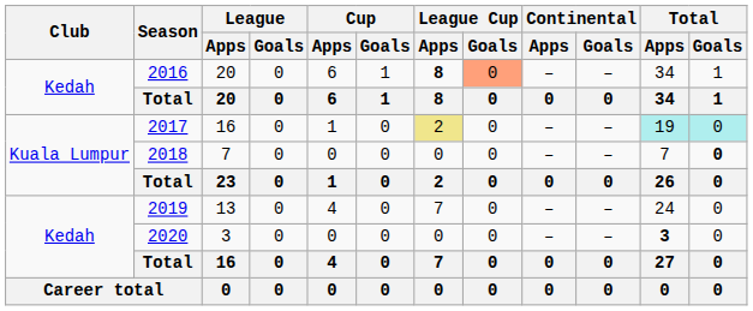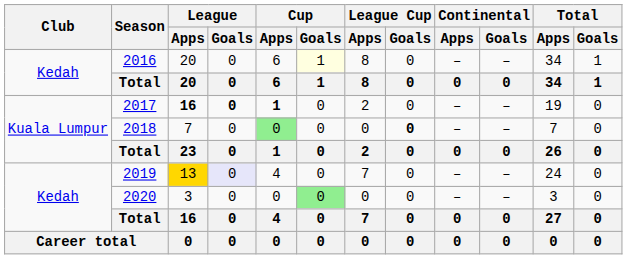 <table class="wikitable" style="text-align: center;">
 <tr>
 <th rowspan="2">Club</th>
 <th rowspan="2">Season</th>
 <th colspan="2">League</th>
 <th colspan="2">Cup</th>
 <th colspan="2">League Cup</th>
 <th colspan="2">Continental</th>
 <th colspan="2">Total</th>
 </tr>
 <tr>
 <th>Apps</th>
 <th>Goals</th>
 <th>Apps</th>
 <th>Goals</th>
 <th>Apps</th>
 <th>Goals</th>
 <th>Apps</th>
 <th>Goals</th>
 <th>Apps</th>
 <th>Goals</th>
 </tr>
 <tr>
 <td rowspan="2" valign="center"><a href='#'>Kedah</a></td>
 <td><a href='#'>2016</a></td>
 <td>20</td>
 <td>0</td>
 <td>6</td>
-<td>1</td>
-<td><strong>8</strong></td>
-<td style="background: lightsalmon;">0</td>
+<td style="background: lightyellow;">1</td>
+<td>8</td>
+<td>0</td>
 <td>–</td>
 <td>–</td>
 <td>34</td>
 <td>1</td>
 </tr>
 <tr>
 <th>Total</th>
 <th>20</th>
 <th>0</th>
 <th>6</th>
 <th>1</th>
 <th>8</th>
 <th>0</th>
 <th>0</th>
 <th>0</th>
 <th>34</th>
 <th>1</th>
 </tr>
 <tr>
 <td rowspan="3" valign="center"><a href='#'>Kuala Lumpur</a></td>
 <td><a href='#'>2017</a></td>
-<td>16</td>
+<td><strong>16</strong></td>
+<td><strong>0</strong></td>
+<td><strong>1</strong></td>
 <td>0</td>
-<td>1</td>
-<td>0</td>
-<td style="background: khaki;">2</td>
+<td>2</td>
 <td>0</td>
 <td>–</td>
 <td>–</td>
-<td style="background: paleturquoise;">19</td>
-<td style="background: paleturquoise;">0</td>
+<td>19</td>
+<td>0</td>
 </tr>
 <tr>
 <td><a href='#'>2018</a></td>
 <td>7</td>
 <td>0</td>
+<td style="background: lightgreen;">0</td>
 <td>0</td>
 <td>0</td>
-<td>0</td>
-<td>0</td>
+<td><strong>0</strong></td>
 <td>–</td>
 <td>–</td>
 <td>7</td>
-<td><strong>0</strong></td>
+<td>0</td>
 </tr>
 <tr>
 <th>Total</th>
 <th>23</th>
 <th>0</th>
 <th>1</th>
 <th>0</th>
 <th>2</th>
 <th>0</th>
 <th>0</th>
 <th>0</th>
 <th>26</th>
 <th>0</th>
 </tr>
 <tr>
 <td rowspan="3" valign="center"><a href='#'>Kedah</a></td>
 <td><a href='#'>2019</a></td>
-<td>13</td>
-<td>0</td>
+<td style="background: gold;">13</td>
+<td style="background: lavender;">0</td>
 <td>4</td>
 <td>0</td>
 <td>7</td>
 <td>0</td>
 <td>–</td>
 <td>–</td>
 <td>24</td>
 <td>0</td>
 </tr>
 <tr>
 <td><a href='#'>2020</a></td>
 <td>3</td>
 <td>0</td>
 <td>0</td>
-<td>0</td>
+<td style="background: lightgreen;">0</td>
 <td>0</td>
 <td>0</td>
 <td>–</td>
 <td>–</td>
-<td><strong>3</strong></td>
+<td>3</td>
 <td>0</td>
 </tr>
 <tr>
 <th>Total</th>
 <th>16</th>
 <th>0</th>
 <th>4</th>
 <th>0</th>
 <th>7</th>
 <th>0</th>
 <th>0</th>
 <th>0</th>
 <th>27</th>
 <th>0</th>
 </tr>
 <tr>
 <th colspan=2>Career total</th>
 <th>0</th>
 <th>0</th>
 <th>0</th>
 <th>0</th>
 <th>0</th>
 <th>0</th>
 <th>0</th>
 <th>0</th>
 <th>0</th>
 <th>0</th>
 </tr>
 </table>
